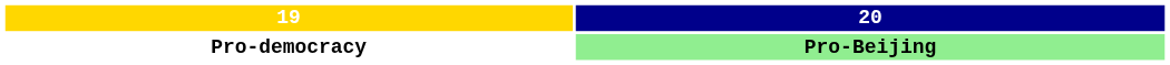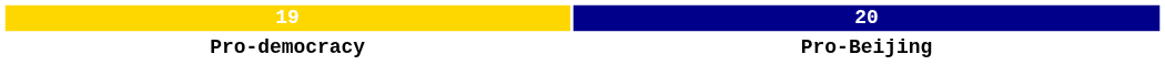 <table style="width:60%; text-align:center;">
 <tr style="color:white;">
 <td style="background:gold; width:49%;"><strong>19</strong></td>
 <td style="background:darkblue; width:51%;"><strong>20</strong></td>
 </tr>
 <tr>
 <td><span><strong>Pro-democracy</strong></span></td>
-<td style="background: lightgreen;"><span><strong>Pro-Beijing</strong></span></td>
+<td><span><strong>Pro-Beijing</strong></span></td>
 </tr>
 </table>
